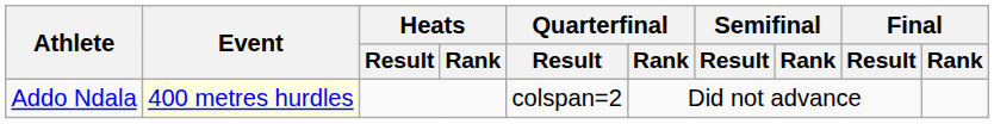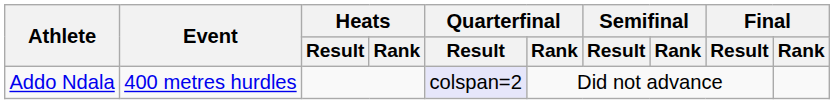 <table class="wikitable" style="font-size:90%">
 <tr>
 <th rowspan="2">Athlete</th>
 <th rowspan="2">Event</th>
 <th colspan="2">Heats</th>
 <th colspan="2">Quarterfinal</th>
 <th colspan="2">Semifinal</th>
 <th colspan="2">Final</th>
 </tr>
 <tr style="font-size:95%">
 <th>Result</th>
 <th>Rank</th>
 <th>Result</th>
 <th>Rank</th>
 <th>Result</th>
 <th>Rank</th>
 <th>Result</th>
 <th>Rank</th>
 </tr>
 <tr align=center>
 <td align=left><a href='#'>Addo Ndala</a></td>
-<td align=left style="background: lightyellow;"><a href='#'>400 metres hurdles</a></td>
+<td align=left><a href='#'>400 metres hurdles</a></td>
 <td colspan=2></td>
-<td>colspan=2</td>
+<td style="background: lavender;">colspan=2</td>
 <td colspan=4>Did not advance</td>
 </tr>
 </table>
